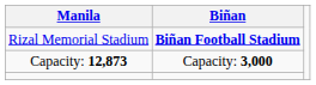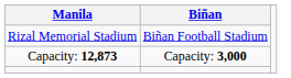 <table class="wikitable" style="text-align:center">
 <tr>
 <th><a href='#'>Manila</a></th>
 <th><a href='#'>Biñan</a></th>
 <td rowspan=4></td>
 </tr>
 <tr>
 <td><a href='#'>Rizal Memorial Stadium</a></td>
-<td><strong><a href='#'>Biñan Football Stadium</a></strong></td>
+<td><a href='#'>Biñan Football Stadium</a></td>
 </tr>
 <tr>
 <td>Capacity: <strong>12,873</strong></td>
 <td>Capacity: <strong>3,000</strong></td>
 </tr>
 <tr>
 <td></td>
 <td></td>
 </tr>
 </table>
